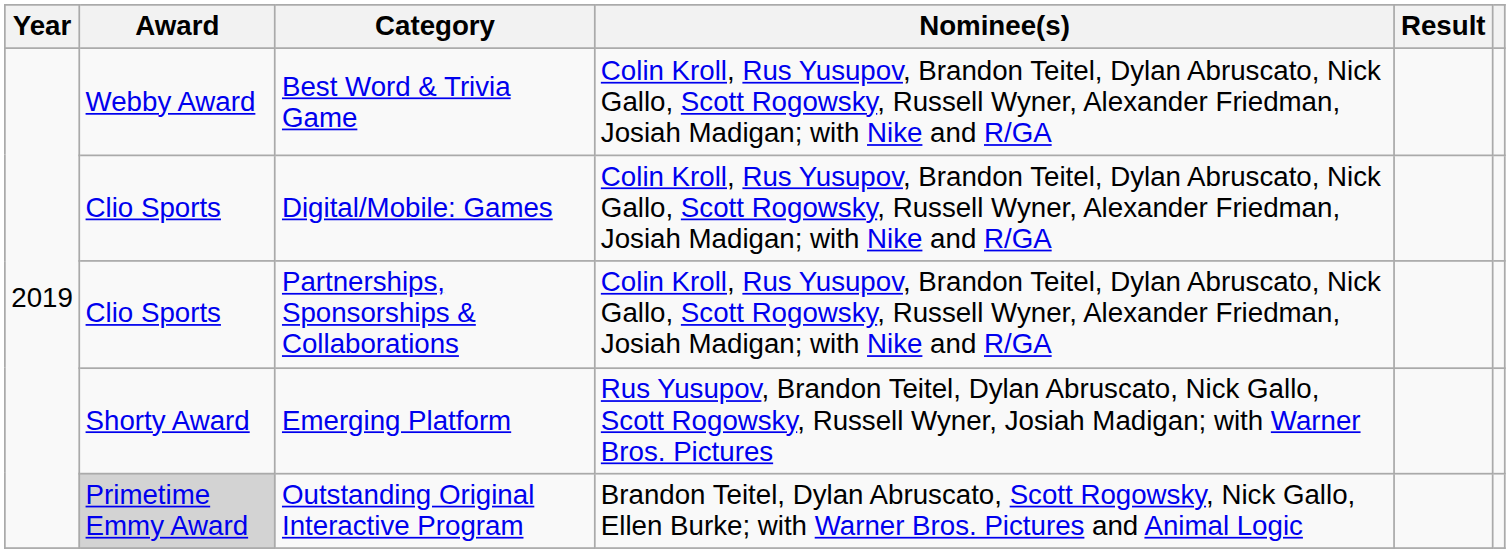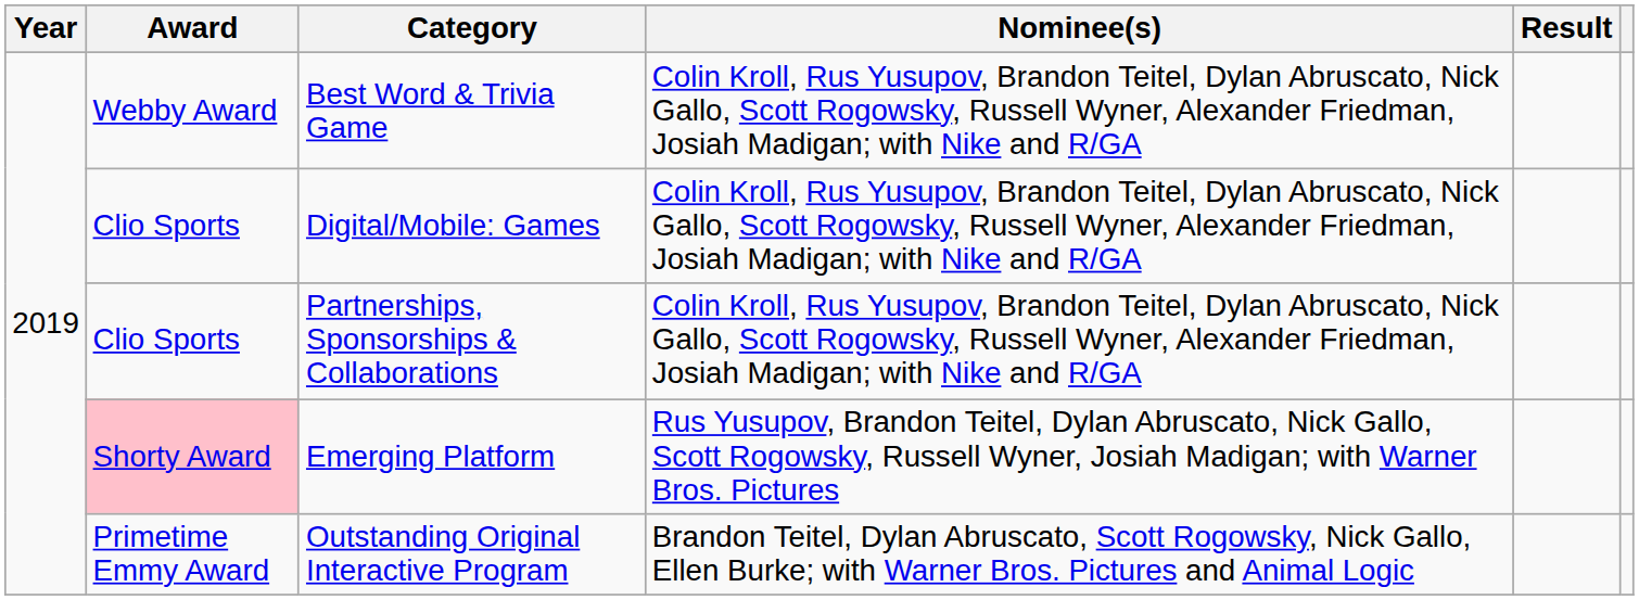 <table class="wikitable sortable plainrowheaders">
 <tr>
 <th scope="col">Year</th>
 <th scope="col">Award</th>
 <th scope="col">Category</th>
 <th scope="col">Nominee(s)</th>
 <th scope="col">Result</th>
 <th></th>
 </tr>
 <tr>
 <td scope="row" rowspan=5>2019</td>
 <td><a href='#'>Webby Award</a></td>
 <td><a href='#'>Best Word & Trivia Game</a></td>
 <td><a href='#'>Colin Kroll</a>, <a href='#'>Rus Yusupov</a>, Brandon Teitel, Dylan Abruscato, Nick Gallo, <a href='#'>Scott Rogowsky</a>, Russell Wyner, Alexander Friedman, Josiah Madigan; with <a href='#'>Nike</a> and <a href='#'>R/GA</a></td>
 <td></td>
 <td style="text-align:center;"></td>
 </tr>
 <tr>
 <td><a href='#'>Clio Sports</a></td>
 <td><a href='#'>Digital/Mobile: Games</a></td>
 <td><a href='#'>Colin Kroll</a>, <a href='#'>Rus Yusupov</a>, Brandon Teitel, Dylan Abruscato, Nick Gallo, <a href='#'>Scott Rogowsky</a>, Russell Wyner, Alexander Friedman, Josiah Madigan; with <a href='#'>Nike</a> and <a href='#'>R/GA</a></td>
 <td></td>
 <td style="text-align:center;"></td>
 </tr>
 <tr>
 <td><a href='#'>Clio Sports</a></td>
 <td><a href='#'>Partnerships, Sponsorships & Collaborations</a></td>
 <td><a href='#'>Colin Kroll</a>, <a href='#'>Rus Yusupov</a>, Brandon Teitel, Dylan Abruscato, Nick Gallo, <a href='#'>Scott Rogowsky</a>, Russell Wyner, Alexander Friedman, Josiah Madigan; with <a href='#'>Nike</a> and <a href='#'>R/GA</a></td>
 <td></td>
 <td style="text-align:center;"></td>
 </tr>
 <tr>
-<td><a href='#'>Shorty Award</a></td>
+<td style="background: pink;"><a href='#'>Shorty Award</a></td>
 <td><a href='#'>Emerging Platform</a></td>
 <td><a href='#'>Rus Yusupov</a>, Brandon Teitel, Dylan Abruscato, Nick Gallo, <a href='#'>Scott Rogowsky</a>, Russell Wyner, Josiah Madigan; with <a href='#'>Warner Bros. Pictures</a></td>
 <td></td>
 <td style="text-align:center;"></td>
 </tr>
 <tr>
-<td style="background: lightgrey;"><a href='#'>Primetime Emmy Award</a></td>
+<td><a href='#'>Primetime Emmy Award</a></td>
 <td><a href='#'>Outstanding Original Interactive Program</a></td>
 <td>Brandon Teitel, Dylan Abruscato, <a href='#'>Scott Rogowsky</a>, Nick Gallo, Ellen Burke; with <a href='#'>Warner Bros. Pictures</a> and <a href='#'>Animal Logic</a></td>
 <td></td>
 <td style="text-align:center;"></td>
 </tr>
 </table>
